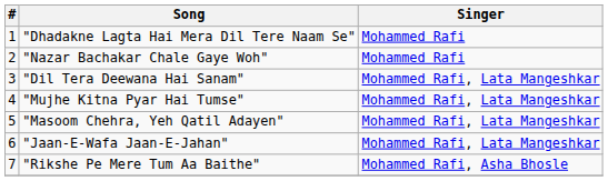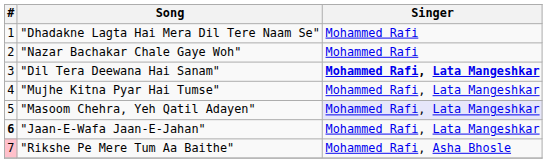 <table class="wikitable" style="font-size:95%;">
 <tr>
 <th>#</th>
 <th>Song</th>
 <th>Singer</th>
 </tr>
 <tr>
 <td>1</td>
 <td>"Dhadakne Lagta Hai Mera Dil Tere Naam Se"</td>
 <td><a href='#'>Mohammed Rafi</a></td>
 </tr>
 <tr>
 <td>2</td>
 <td>"Nazar Bachakar Chale Gaye Woh"</td>
 <td><a href='#'>Mohammed Rafi</a></td>
 </tr>
 <tr>
 <td>3</td>
 <td>"Dil Tera Deewana Hai Sanam"</td>
-<td><a href='#'>Mohammed Rafi</a>, <a href='#'>Lata Mangeshkar</a></td>
+<td><strong><a href='#'>Mohammed Rafi</a>, <a href='#'>Lata Mangeshkar</a></strong></td>
 </tr>
 <tr>
 <td>4</td>
 <td>"Mujhe Kitna Pyar Hai Tumse"</td>
 <td><a href='#'>Mohammed Rafi</a>, <a href='#'>Lata Mangeshkar</a></td>
 </tr>
 <tr>
 <td>5</td>
 <td>"Masoom Chehra, Yeh Qatil Adayen"</td>
-<td><a href='#'>Mohammed Rafi</a>, <a href='#'>Lata Mangeshkar</a></td>
+<td style="background: lavender;"><a href='#'>Mohammed Rafi</a>, <a href='#'>Lata Mangeshkar</a></td>
 </tr>
 <tr>
-<td>6</td>
+<td><strong>6</strong></td>
 <td>"Jaan-E-Wafa Jaan-E-Jahan"</td>
 <td><a href='#'>Mohammed Rafi</a>, <a href='#'>Lata Mangeshkar</a></td>
 </tr>
 <tr>
-<td>7</td>
+<td style="background: pink;">7</td>
 <td>"Rikshe Pe Mere Tum Aa Baithe"</td>
 <td><a href='#'>Mohammed Rafi</a>, <a href='#'>Asha Bhosle</a></td>
 </tr>
 <tr>
 </tr>
 </table>
